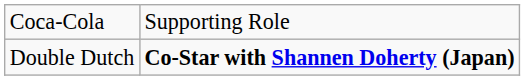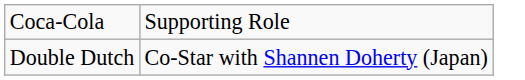 <table class="wikitable">
 <tr>
 <td>Coca-Cola</td>
 <td>Supporting Role</td>
 </tr>
 <tr>
 <td>Double Dutch</td>
-<td><strong>Co-Star with <a href='#'>Shannen Doherty</a> (Japan)</strong></td>
+<td>Co-Star with <a href='#'>Shannen Doherty</a> (Japan)</td>
 </tr>
 </table>
